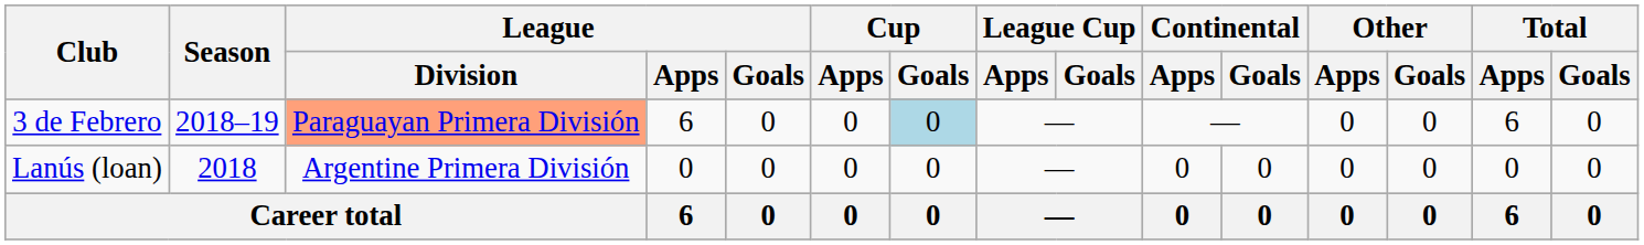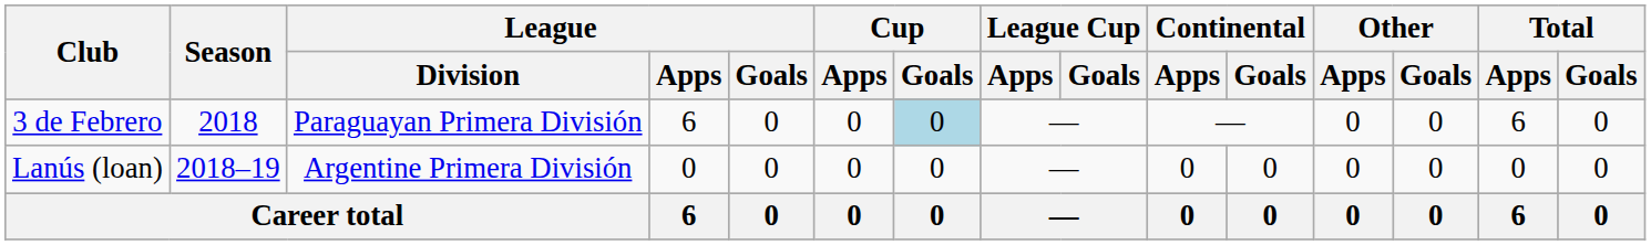 <table class="wikitable" style="text-align:center">
 <tr>
 <th rowspan="2">Club</th>
 <th rowspan="2">Season</th>
 <th colspan="3">League</th>
 <th colspan="2">Cup</th>
 <th colspan="2">League Cup</th>
 <th colspan="2">Continental</th>
 <th colspan="2">Other</th>
 <th colspan="2">Total</th>
 </tr>
 <tr>
 <th>Division</th>
 <th>Apps</th>
 <th>Goals</th>
 <th>Apps</th>
 <th>Goals</th>
 <th>Apps</th>
 <th>Goals</th>
 <th>Apps</th>
 <th>Goals</th>
 <th>Apps</th>
 <th>Goals</th>
 <th>Apps</th>
 <th>Goals</th>
 </tr>
 <tr>
 <td rowspan="1"><a href='#'>3 de Febrero</a></td>
-<td><a href='#'>2018–19</a></td>
-<td rowspan="1" style="background: lightsalmon;"><a href='#'>Paraguayan Primera División</a></td>
+<td><a href='#'>2018</a></td>
+<td rowspan="1"><a href='#'>Paraguayan Primera División</a></td>
 <td>6</td>
 <td>0</td>
 <td>0</td>
 <td style="background: lightblue;">0</td>
 <td colspan="2">—</td>
 <td colspan="2">—</td>
 <td>0</td>
 <td>0</td>
 <td>6</td>
 <td>0</td>
 </tr>
 <tr>
 <td rowspan="1"><a href='#'>Lanús</a> (loan)</td>
-<td><a href='#'>2018</a></td>
+<td><a href='#'>2018–19</a></td>
 <td rowspan="1"><a href='#'>Argentine Primera División</a></td>
 <td>0</td>
 <td>0</td>
 <td>0</td>
 <td>0</td>
 <td colspan="2">—</td>
 <td>0</td>
 <td>0</td>
 <td>0</td>
 <td>0</td>
 <td>0</td>
 <td>0</td>
 </tr>
 <tr>
 <th colspan="3">Career total</th>
 <th>6</th>
 <th>0</th>
 <th>0</th>
 <th>0</th>
 <th colspan="2">—</th>
 <th>0</th>
 <th>0</th>
 <th>0</th>
 <th>0</th>
 <th>6</th>
 <th>0</th>
 </tr>
 </table>
